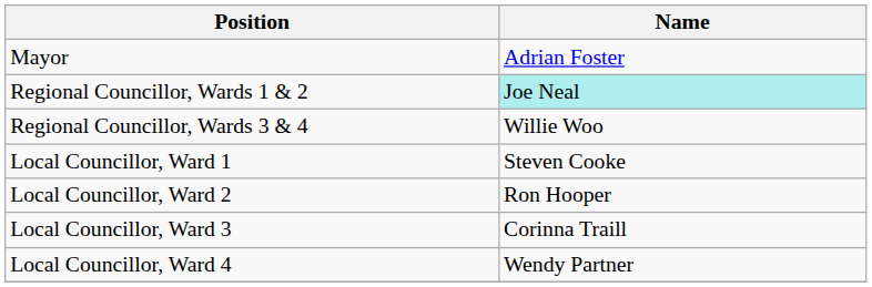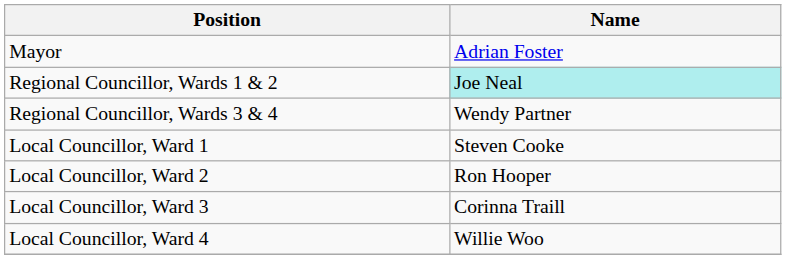 <table class="wikitable" style="width:50%;">
 <tr>
 <th bgcolor="#DDDDFF" width="50px">Position</th>
 <th bgcolor="#DDDDFF" width="50px">Name</th>
 </tr>
 <tr>
 <td>Mayor</td>
 <td><a href='#'>Adrian Foster</a></td>
 </tr>
 <tr>
 <td>Regional Councillor, Wards 1 & 2</td>
 <td style="background: paleturquoise;">Joe Neal</td>
 </tr>
 <tr>
 <td>Regional Councillor, Wards 3 & 4</td>
-<td>Willie Woo</td>
+<td>Wendy Partner</td>
 </tr>
 <tr>
 <td>Local Councillor, Ward 1</td>
 <td>Steven Cooke</td>
 </tr>
 <tr>
 <td>Local Councillor, Ward 2</td>
 <td>Ron Hooper</td>
 </tr>
 <tr>
 <td>Local Councillor, Ward 3</td>
 <td>Corinna Traill</td>
 </tr>
 <tr>
 <td>Local Councillor, Ward 4</td>
-<td>Wendy Partner</td>
+<td>Willie Woo</td>
 </tr>
 <tr>
 </tr>
 </table>
